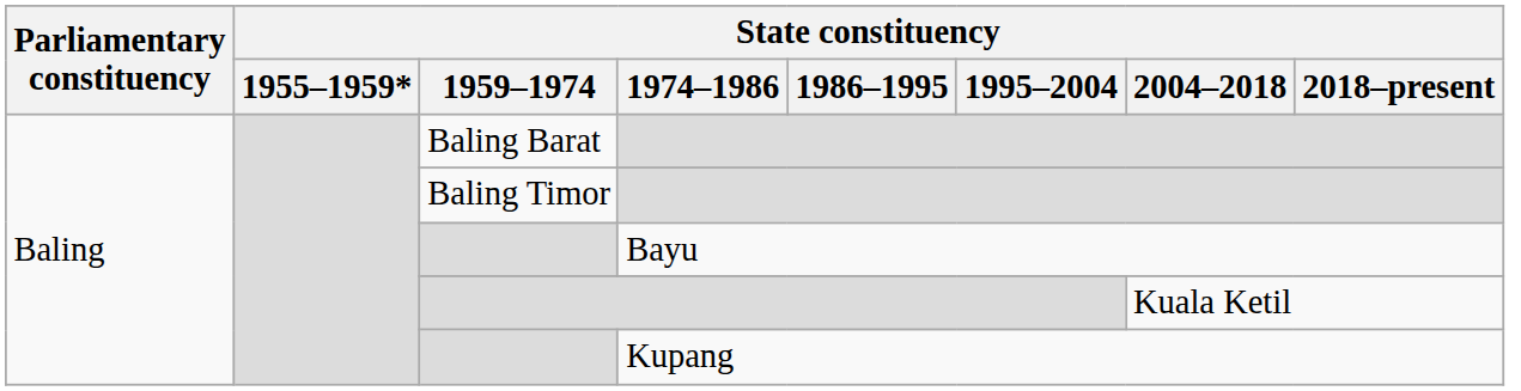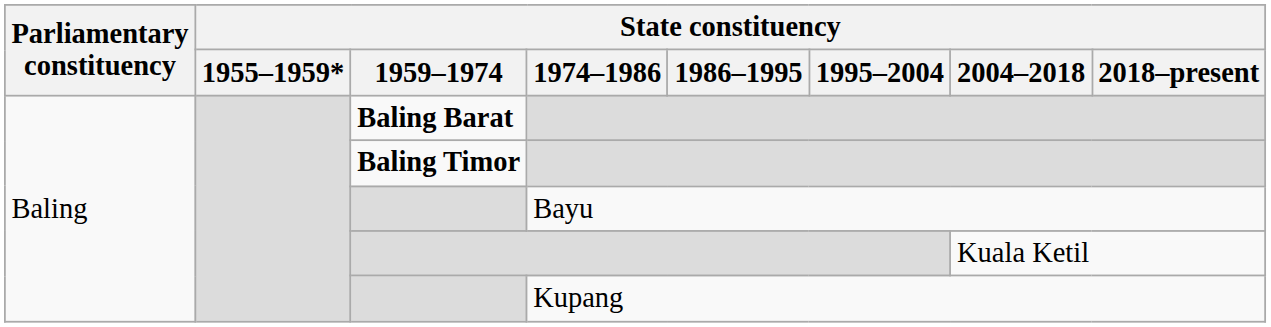 <table class="wikitable">
 <tr>
 <th rowspan="2">Parliamentary<br>constituency</th>
 <th colspan="7">State constituency</th>
 </tr>
 <tr>
 <th>1955–1959*</th>
 <th>1959–1974</th>
 <th>1974–1986</th>
 <th>1986–1995</th>
 <th>1995–2004</th>
 <th>2004–2018</th>
 <th>2018–present</th>
 </tr>
 <tr>
 <td rowspan="5">Baling</td>
 <td rowspan="5" bgcolor="dcdcdc"></td>
-<td>Baling Barat</td>
+<td><strong>Baling Barat</strong></td>
 <td colspan="5" bgcolor="dcdcdc"></td>
 </tr>
 <tr>
-<td>Baling Timor</td>
+<td><strong>Baling Timor</strong></td>
 <td colspan="5" bgcolor="dcdcdc"></td>
 </tr>
 <tr>
 <td bgcolor="dcdcdc"></td>
 <td colspan="5">Bayu</td>
 </tr>
 <tr>
 <td colspan="4" bgcolor="dcdcdc"></td>
 <td colspan="2">Kuala Ketil</td>
 </tr>
 <tr>
 <td bgcolor="dcdcdc"></td>
 <td colspan="5">Kupang</td>
 </tr>
 </table>
